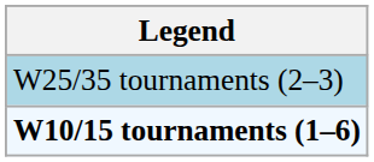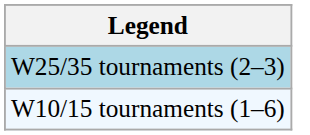 <table class=wikitable style="font-size:85%">
 <tr>
 <th>Legend</th>
 </tr>
 <tr style="background:lightblue;">
 <td>W25/35 tournaments (2–3)</td>
 </tr>
 <tr style="background:#f0f8ff;">
-<td><strong>W10/15 tournaments (1–6)</strong></td>
+<td>W10/15 tournaments (1–6)</td>
 </tr>
 </table>
